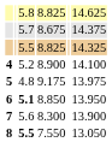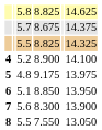 <table>
 <tr style="background:#fffcaf;">
 <td></td>
 <td align=left></td>
 <td>5.8</td>
 <td>8.825</td>
 <td></td>
 <td>14.625</td>
 </tr>
 <tr style="background:#e5e5e5;">
 <td></td>
 <td align=left></td>
 <td>5.7</td>
 <td>8.675</td>
 <td></td>
 <td>14.375</td>
 </tr>
 <tr style="background:#ec9;">
 <td></td>
 <td align=left></td>
 <td>5.5</td>
 <td>8.825</td>
 <td></td>
 <td>14.325</td>
 </tr>
 <tr>
 <th><strong>4</strong></th>
 <td align=left></td>
 <td>5.2</td>
 <td>8.900</td>
 <td></td>
 <td>14.100</td>
 </tr>
 <tr>
 <th><strong>5</strong></th>
 <td align=left></td>
 <td>4.8</td>
 <td>9.175</td>
 <td></td>
 <td>13.975</td>
 </tr>
 <tr>
 <th><strong>6</strong></th>
 <td align=left></td>
-<td><strong>5.1</strong></td>
+<td>5.1</td>
 <td>8.850</td>
 <td></td>
 <td>13.950</td>
 </tr>
 <tr>
 <th><strong>7</strong></th>
 <td align=left></td>
 <td>5.6</td>
 <td>8.300</td>
 <td></td>
 <td>13.900</td>
 </tr>
 <tr>
 <th><strong>8</strong></th>
 <td align=left></td>
-<td><strong>5.5</strong></td>
+<td>5.5</td>
 <td>7.550</td>
 <td></td>
 <td>13.050</td>
 </tr>
 </table>
